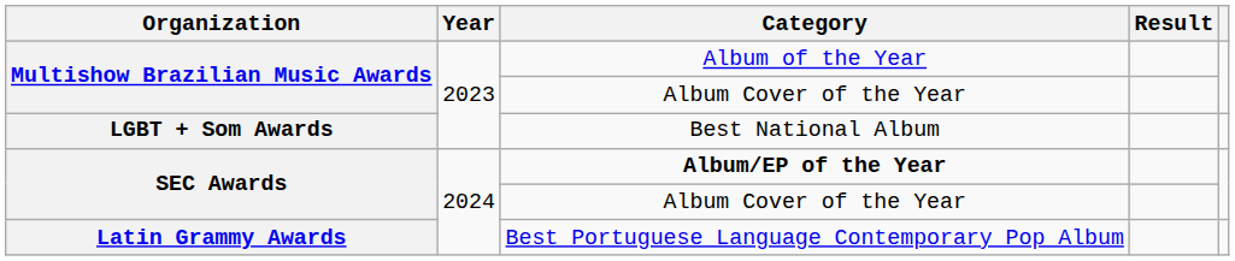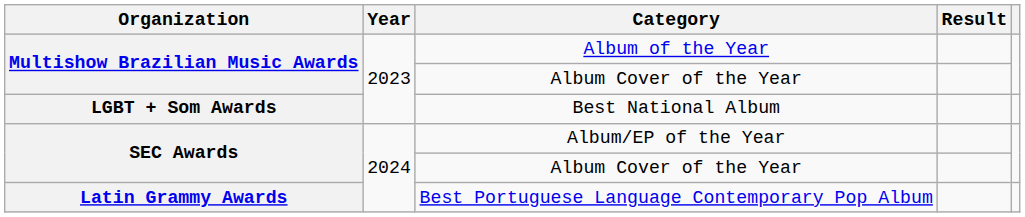 <table class="wikitable sortable plainrowheaders" style="border:none; margin:0; text-align:center;">
 <tr>
 <th scope="col">Organization</th>
 <th scope="col">Year</th>
 <th scope="col">Category</th>
 <th scope="col">Result</th>
 <th scope="col" class="unsortable"></th>
 </tr>
 <tr>
 <th scope="row" rowspan="2"><a href='#'>Multishow Brazilian Music Awards</a></th>
 <td rowspan="3">2023</td>
 <td><a href='#'>Album of the Year</a></td>
 <td></td>
 <td rowspan="2"></td>
 </tr>
 <tr>
 <td>Album Cover of the Year</td>
 <td></td>
 </tr>
 <tr>
 <th scope="row">LGBT + Som Awards</th>
 <td>Best National Album</td>
 <td></td>
 <td></td>
 </tr>
 <tr>
 <th scope="row" rowspan="2">SEC Awards</th>
 <td rowspan="3">2024</td>
-<td><strong>Album/EP of the Year</strong></td>
+<td>Album/EP of the Year</td>
 <td></td>
 <td rowspan="2"></td>
 </tr>
 <tr>
 <td>Album Cover of the Year</td>
 <td></td>
 </tr>
 <tr>
 <th scope="row"><a href='#'>Latin Grammy Awards</a></th>
 <td><a href='#'>Best Portuguese Language Contemporary Pop Album</a></td>
 <td></td>
 <td></td>
 </tr>
 </table>
